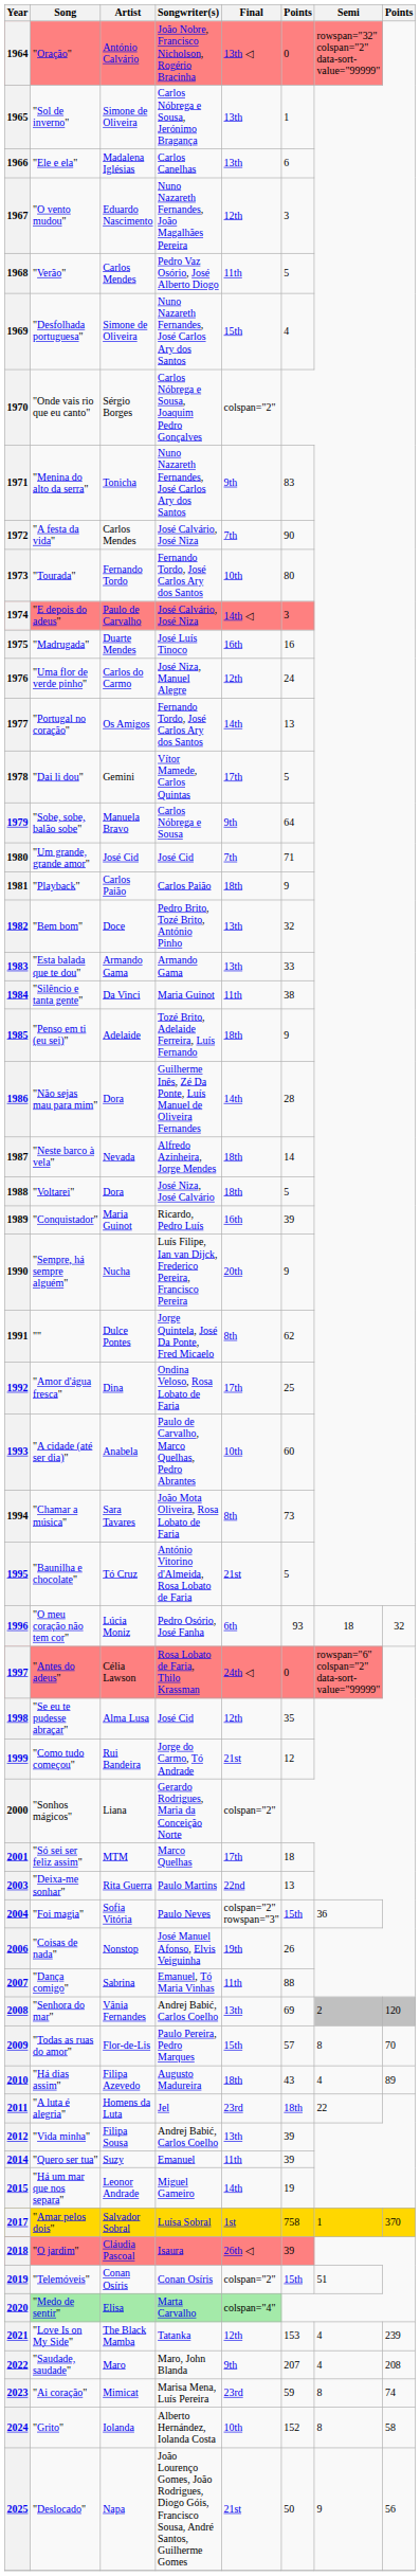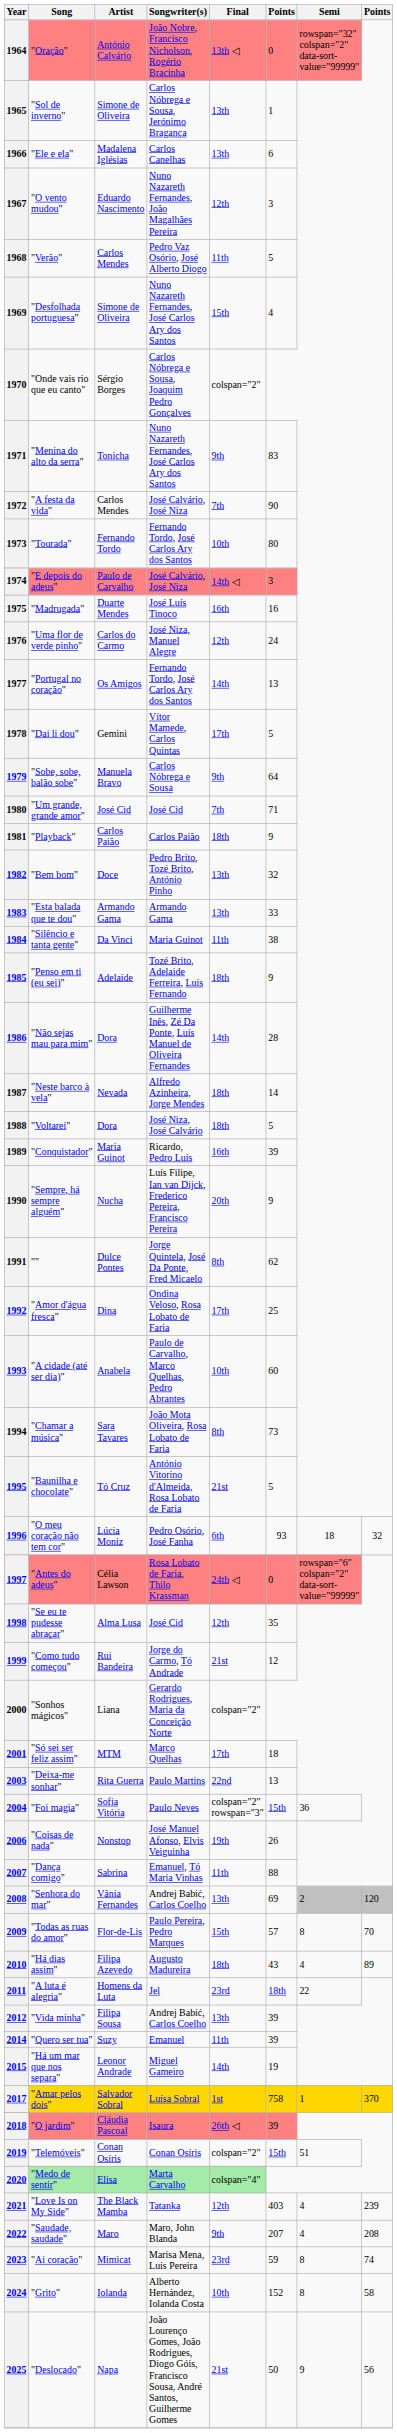 <table class="wikitable sortable">
 <tr>
 <th>Year</th>
 <th>Song</th>
 <th>Artist</th>
 <th>Songwriter(s)</th>
 <th>Final</th>
 <th>Points</th>
 <th>Semi</th>
 <th>Points</th>
 </tr>
 <tr bgcolor="#FE8080">
 <th scope="row">1964</th>
 <td>"<a href='#'>Oração</a>"</td>
 <td><a href='#'>António Calvário</a></td>
 <td><a href='#'>João Nobre</a>, <a href='#'>Francisco Nicholson</a>, <a href='#'>Rogério Bracinha</a></td>
 <td><a href='#'>13th</a> ◁</td>
 <td>0</td>
 <td>rowspan="32" colspan="2" data-sort-value="99999" </td>
 </tr>
 <tr>
 <th scope="row">1965</th>
 <td>"<a href='#'>Sol de inverno</a>"</td>
 <td><a href='#'>Simone de Oliveira</a></td>
 <td><a href='#'>Carlos Nóbrega e Sousa</a>, <a href='#'>Jerónimo Bragança</a></td>
 <td><a href='#'>13th</a></td>
 <td>1</td>
 </tr>
 <tr>
 <th scope="row">1966</th>
 <td>"<a href='#'>Ele e ela</a>"</td>
 <td><a href='#'>Madalena Iglésias</a></td>
 <td><a href='#'>Carlos Canelhas</a></td>
 <td><a href='#'>13th</a></td>
 <td>6</td>
 </tr>
 <tr>
 <th scope="row">1967</th>
 <td>"<a href='#'>O vento mudou</a>"</td>
 <td><a href='#'>Eduardo Nascimento</a></td>
 <td><a href='#'>Nuno Nazareth Fernandes</a>, <a href='#'>João Magalhães Pereira</a></td>
 <td><a href='#'>12th</a></td>
 <td>3</td>
 </tr>
 <tr>
 <th scope="row">1968</th>
 <td>"<a href='#'>Verão</a>"</td>
 <td><a href='#'>Carlos Mendes</a></td>
 <td><a href='#'>Pedro Vaz Osório</a>, <a href='#'>José Alberto Diogo</a></td>
 <td><a href='#'>11th</a></td>
 <td>5</td>
 </tr>
 <tr>
 <th scope="row">1969</th>
 <td>"<a href='#'>Desfolhada portuguesa</a>"</td>
 <td><a href='#'>Simone de Oliveira</a></td>
 <td><a href='#'>Nuno Nazareth Fernandes</a>, <a href='#'>José Carlos Ary dos Santos</a></td>
 <td><a href='#'>15th</a></td>
 <td>4</td>
 </tr>
 <tr>
 <th scope="row">1970</th>
 <td>"Onde vais rio que eu canto"</td>
 <td>Sérgio Borges</td>
 <td><a href='#'>Carlos Nóbrega e Sousa</a>, <a href='#'>Joaquim Pedro Gonçalves</a></td>
 <td>colspan="2" </td>
 </tr>
 <tr>
 <th scope="row">1971</th>
 <td>"<a href='#'>Menina do alto da serra</a>"</td>
 <td><a href='#'>Tonicha</a></td>
 <td><a href='#'>Nuno Nazareth Fernandes</a>, <a href='#'>José Carlos Ary dos Santos</a></td>
 <td><a href='#'>9th</a></td>
 <td>83</td>
 </tr>
 <tr>
 <th scope="row">1972</th>
 <td>"<a href='#'>A festa da vida</a>"</td>
 <td>Carlos Mendes</td>
 <td><a href='#'>José Calvário</a>, <a href='#'>José Niza</a></td>
 <td><a href='#'>7th</a></td>
 <td>90</td>
 </tr>
 <tr>
 <th scope="row">1973</th>
 <td>"<a href='#'>Tourada</a>"</td>
 <td><a href='#'>Fernando Tordo</a></td>
 <td><a href='#'>Fernando Tordo</a>, <a href='#'>José Carlos Ary dos Santos</a></td>
 <td><a href='#'>10th</a></td>
 <td>80</td>
 </tr>
 <tr bgcolor="#FE8080">
 <th scope="row">1974</th>
 <td>"<a href='#'>E depois do adeus</a>"</td>
 <td><a href='#'>Paulo de Carvalho</a></td>
 <td><a href='#'>José Calvário</a>, <a href='#'>José Niza</a></td>
 <td><a href='#'>14th</a> ◁</td>
 <td>3</td>
 </tr>
 <tr>
 <th scope="row">1975</th>
 <td>"<a href='#'>Madrugada</a>"</td>
 <td><a href='#'>Duarte Mendes</a></td>
 <td><a href='#'>José Luís Tinoco</a></td>
 <td><a href='#'>16th</a></td>
 <td>16</td>
 </tr>
 <tr>
 <th scope="row">1976</th>
 <td>"<a href='#'>Uma flor de verde pinho</a>"</td>
 <td><a href='#'>Carlos do Carmo</a></td>
 <td><a href='#'>José Niza</a>, <a href='#'>Manuel Alegre</a></td>
 <td><a href='#'>12th</a></td>
 <td>24</td>
 </tr>
 <tr>
 <th scope="row">1977</th>
 <td>"<a href='#'>Portugal no coração</a>"</td>
 <td><a href='#'>Os Amigos</a></td>
 <td><a href='#'>Fernando Tordo</a>, <a href='#'>José Carlos Ary dos Santos</a></td>
 <td><a href='#'>14th</a></td>
 <td>13</td>
 </tr>
 <tr>
 <th scope="row">1978</th>
 <td>"<a href='#'>Dai li dou</a>"</td>
 <td>Gemini</td>
 <td><a href='#'>Vítor Mamede</a>, <a href='#'>Carlos Quintas</a></td>
 <td><a href='#'>17th</a></td>
 <td>5</td>
 </tr>
 <tr>
 <th scope="row"><a href='#'>1979</a></th>
 <td>"<a href='#'>Sobe, sobe, balão sobe</a>"</td>
 <td><a href='#'>Manuela Bravo</a></td>
 <td><a href='#'>Carlos Nóbrega e Sousa</a></td>
 <td><a href='#'>9th</a></td>
 <td>64</td>
 </tr>
 <tr>
 <th scope="row">1980</th>
 <td>"<a href='#'>Um grande, grande amor</a>"</td>
 <td><a href='#'>José Cid</a></td>
 <td><a href='#'>José Cid</a></td>
 <td><a href='#'>7th</a></td>
 <td>71</td>
 </tr>
 <tr>
 <th scope="row">1981</th>
 <td>"<a href='#'>Playback</a>"</td>
 <td><a href='#'>Carlos Paião</a></td>
 <td><a href='#'>Carlos Paião</a></td>
 <td><a href='#'>18th</a></td>
 <td>9</td>
 </tr>
 <tr>
 <th scope="row"><a href='#'>1982</a></th>
 <td>"<a href='#'>Bem bom</a>"</td>
 <td><a href='#'>Doce</a></td>
 <td><a href='#'>Pedro Brito</a>, <a href='#'>Tozé Brito</a>, <a href='#'>António Pinho</a></td>
 <td><a href='#'>13th</a></td>
 <td>32</td>
 </tr>
 <tr>
 <th scope="row"><a href='#'>1983</a></th>
 <td>"<a href='#'>Esta balada que te dou</a>"</td>
 <td><a href='#'>Armando Gama</a></td>
 <td><a href='#'>Armando Gama</a></td>
 <td><a href='#'>13th</a></td>
 <td>33</td>
 </tr>
 <tr>
 <th scope="row"><a href='#'>1984</a></th>
 <td>"<a href='#'>Silêncio e tanta gente</a>"</td>
 <td><a href='#'>Da Vinci</a></td>
 <td><a href='#'>Maria Guinot</a></td>
 <td><a href='#'>11th</a></td>
 <td>38</td>
 </tr>
 <tr>
 <th scope="row"><a href='#'>1985</a></th>
 <td>"<a href='#'>Penso em ti (eu sei)</a>"</td>
 <td><a href='#'>Adelaide</a></td>
 <td><a href='#'>Tozé Brito</a>, <a href='#'>Adelaide Ferreira</a>, <a href='#'>Luís Fernando</a></td>
 <td><a href='#'>18th</a></td>
 <td>9</td>
 </tr>
 <tr>
 <th scope="row"><a href='#'>1986</a></th>
 <td>"<a href='#'>Não sejas mau para mim</a>"</td>
 <td><a href='#'>Dora</a></td>
 <td><a href='#'>Guilherme Inês</a>, <a href='#'>Zé Da Ponte</a>, <a href='#'>Luís Manuel de Oliveira Fernandes</a></td>
 <td><a href='#'>14th</a></td>
 <td>28</td>
 </tr>
 <tr>
 <th scope="row">1987</th>
 <td>"<a href='#'>Neste barco à vela</a>"</td>
 <td><a href='#'>Nevada</a></td>
 <td><a href='#'>Alfredo Azinheira</a>, <a href='#'>Jorge Mendes</a></td>
 <td><a href='#'>18th</a></td>
 <td>14</td>
 </tr>
 <tr>
 <th scope="row">1988</th>
 <td>"<a href='#'>Voltarei</a>"</td>
 <td><a href='#'>Dora</a></td>
 <td><a href='#'>José Niza</a>, <a href='#'>José Calvário</a></td>
 <td><a href='#'>18th</a></td>
 <td>5</td>
 </tr>
 <tr>
 <th scope="row">1989</th>
 <td>"<a href='#'>Conquistador</a>"</td>
 <td><a href='#'>Maria Guinot</a></td>
 <td>Ricardo, <a href='#'>Pedro Luís</a></td>
 <td><a href='#'>16th</a></td>
 <td>39</td>
 </tr>
 <tr>
 <th scope="row">1990</th>
 <td>"<a href='#'>Sempre, há sempre alguém</a>"</td>
 <td><a href='#'>Nucha</a></td>
 <td>Luís Filipe, <a href='#'>Ian van Dijck</a>, <a href='#'>Frederico Pereira</a>, <a href='#'>Francisco Pereira</a></td>
 <td><a href='#'>20th</a></td>
 <td>9</td>
 </tr>
 <tr>
 <th scope="row">1991</th>
 <td>""</td>
 <td><a href='#'>Dulce Pontes</a></td>
 <td><a href='#'>Jorge Quintela</a>, <a href='#'>José Da Ponte</a>, <a href='#'>Fred Micaelo</a></td>
 <td><a href='#'>8th</a></td>
 <td>62</td>
 </tr>
 <tr>
 <th scope="row"><a href='#'>1992</a></th>
 <td>"<a href='#'>Amor d'água fresca</a>"</td>
 <td><a href='#'>Dina</a></td>
 <td><a href='#'>Ondina Veloso</a>, <a href='#'>Rosa Lobato de Faria</a></td>
 <td><a href='#'>17th</a></td>
 <td>25</td>
 </tr>
 <tr>
 <th scope="row"><a href='#'>1993</a></th>
 <td>"<a href='#'>A cidade (até ser dia)</a>"</td>
 <td><a href='#'>Anabela</a></td>
 <td><a href='#'>Paulo de Carvalho</a>, <a href='#'>Marco Quelhas</a>, <a href='#'>Pedro Abrantes</a></td>
 <td><a href='#'>10th</a></td>
 <td>60</td>
 </tr>
 <tr>
 <th scope="row">1994</th>
 <td>"<a href='#'>Chamar a música</a>"</td>
 <td><a href='#'>Sara Tavares</a></td>
 <td><a href='#'>João Mota Oliveira</a>, <a href='#'>Rosa Lobato de Faria</a></td>
 <td><a href='#'>8th</a></td>
 <td>73</td>
 </tr>
 <tr>
 <th scope="row"><a href='#'>1995</a></th>
 <td>"<a href='#'>Baunilha e chocolate</a>"</td>
 <td><a href='#'>Tó Cruz</a></td>
 <td><a href='#'>António Vitorino d'Almeida</a>, <a href='#'>Rosa Lobato de Faria</a></td>
 <td><a href='#'>21st</a></td>
 <td>5</td>
 </tr>
 <tr>
 <th scope="row"><a href='#'>1996</a></th>
 <td>"<a href='#'>O meu coração não tem cor</a>"</td>
 <td><a href='#'>Lúcia Moniz</a></td>
 <td><a href='#'>Pedro Osório</a>, <a href='#'>José Fanha</a></td>
 <td><a href='#'>6th</a></td>
 <td align=center>93</td>
 <td align=center>18</td>
 <td align=center>32</td>
 </tr>
 <tr bgcolor="#FE8080">
 <th scope="row"><a href='#'>1997</a></th>
 <td>"<a href='#'>Antes do adeus</a>"</td>
 <td>Célia Lawson</td>
 <td><a href='#'>Rosa Lobato de Faria</a>, <a href='#'>Thilo Krassman</a></td>
 <td><a href='#'>24th</a> ◁</td>
 <td>0</td>
 <td>rowspan="6" colspan="2" data-sort-value="99999" </td>
 </tr>
 <tr>
 <th scope="row"><a href='#'>1998</a></th>
 <td>"<a href='#'>Se eu te pudesse abraçar</a>"</td>
 <td><a href='#'>Alma Lusa</a></td>
 <td><a href='#'>José Cid</a></td>
 <td><a href='#'>12th</a></td>
 <td>35</td>
 </tr>
 <tr>
 <th scope="row"><a href='#'>1999</a></th>
 <td>"<a href='#'>Como tudo começou</a>"</td>
 <td><a href='#'>Rui Bandeira</a></td>
 <td><a href='#'>Jorge do Carmo</a>, <a href='#'>Tó Andrade</a></td>
 <td><a href='#'>21st</a></td>
 <td>12</td>
 </tr>
 <tr>
 <th scope="row">2000</th>
 <td>"Sonhos mágicos"</td>
 <td>Liana</td>
 <td><a href='#'>Gerardo Rodrigues</a>, <a href='#'>Maria da Conceição Norte</a></td>
 <td>colspan="2" </td>
 </tr>
 <tr>
 <th scope="row"><a href='#'>2001</a></th>
 <td>"<a href='#'>Só sei ser feliz assim</a>"</td>
 <td><a href='#'>MTM</a></td>
 <td><a href='#'>Marco Quelhas</a></td>
 <td><a href='#'>17th</a></td>
 <td>18</td>
 </tr>
 <tr>
 <th scope="row"><a href='#'>2003</a></th>
 <td>"<a href='#'>Deixa-me sonhar</a>"</td>
 <td><a href='#'>Rita Guerra</a></td>
 <td><a href='#'>Paulo Martins</a></td>
 <td><a href='#'>22nd</a></td>
 <td>13</td>
 </tr>
 <tr>
 <th scope="row"><a href='#'>2004</a></th>
 <td>"<a href='#'>Foi magia</a>"</td>
 <td><a href='#'>Sofia Vitória</a></td>
 <td><a href='#'>Paulo Neves</a></td>
 <td>colspan="2" rowspan="3" </td>
 <td><a href='#'>15th</a></td>
 <td>36</td>
 </tr>
 <tr>
 <th scope="row"><a href='#'>2006</a></th>
 <td>"<a href='#'>Coisas de nada</a>"</td>
 <td><a href='#'>Nonstop</a></td>
 <td><a href='#'>José Manuel Afonso</a>, <a href='#'>Elvis Veiguinha</a></td>
 <td><a href='#'>19th</a></td>
 <td>26</td>
 </tr>
 <tr>
 <th scope="row"><a href='#'>2007</a></th>
 <td>"<a href='#'>Dança comigo</a>"</td>
 <td><a href='#'>Sabrina</a></td>
 <td><a href='#'>Emanuel</a>, <a href='#'>Tó Maria Vinhas</a></td>
 <td><a href='#'>11th</a></td>
 <td>88</td>
 </tr>
 <tr>
 <th scope="row"><a href='#'>2008</a></th>
 <td>"<a href='#'>Senhora do mar</a>"</td>
 <td><a href='#'>Vânia Fernandes</a></td>
 <td>Andrej Babić, <a href='#'>Carlos Coelho</a></td>
 <td><a href='#'>13th</a></td>
 <td>69</td>
 <td bgcolor="silver">2</td>
 <td bgcolor="silver">120</td>
 </tr>
 <tr>
 <th scope="row"><a href='#'>2009</a></th>
 <td>"<a href='#'>Todas as ruas do amor</a>"</td>
 <td><a href='#'>Flor-de-Lis</a></td>
 <td><a href='#'>Paulo Pereira</a>, <a href='#'>Pedro Marques</a></td>
 <td><a href='#'>15th</a></td>
 <td>57</td>
 <td>8</td>
 <td>70</td>
 </tr>
 <tr>
 <th scope="row"><a href='#'>2010</a></th>
 <td>"<a href='#'>Há dias assim</a>"</td>
 <td><a href='#'>Filipa Azevedo</a></td>
 <td><a href='#'>Augusto Madureira</a></td>
 <td><a href='#'>18th</a></td>
 <td>43</td>
 <td>4</td>
 <td>89</td>
 </tr>
 <tr>
 <th scope="row"><a href='#'>2011</a></th>
 <td>"<a href='#'>A luta é alegria</a>"</td>
 <td><a href='#'>Homens da Luta</a></td>
 <td><a href='#'>Jel</a></td>
 <td><a href='#'>23rd</a></td>
 <td><a href='#'>18th</a></td>
 <td>22</td>
 </tr>
 <tr>
 <th scope="row"><a href='#'>2012</a></th>
 <td>"<a href='#'>Vida minha</a>"</td>
 <td><a href='#'>Filipa Sousa</a></td>
 <td>Andrej Babić, <a href='#'>Carlos Coelho</a></td>
 <td><a href='#'>13th</a></td>
 <td>39</td>
 </tr>
 <tr>
 <th scope="row"><a href='#'>2014</a></th>
 <td>"<a href='#'>Quero ser tua</a>"</td>
 <td><a href='#'>Suzy</a></td>
 <td><a href='#'>Emanuel</a></td>
 <td><a href='#'>11th</a></td>
 <td>39</td>
 </tr>
 <tr>
 <th scope="row"><a href='#'>2015</a></th>
 <td>"<a href='#'>Há um mar que nos separa</a>"</td>
 <td><a href='#'>Leonor Andrade</a></td>
 <td><a href='#'>Miguel Gameiro</a></td>
 <td><a href='#'>14th</a></td>
 <td>19</td>
 </tr>
 <tr bgcolor="gold">
 <th scope="row"><a href='#'>2017</a></th>
 <td>"<a href='#'>Amar pelos dois</a>"</td>
 <td><a href='#'>Salvador Sobral</a></td>
 <td><a href='#'>Luísa Sobral</a></td>
 <td><a href='#'>1st</a></td>
 <td>758</td>
 <td>1</td>
 <td>370</td>
 </tr>
 <tr bgcolor="#FE8080">
 <th scope="row"><a href='#'>2018</a></th>
 <td>"<a href='#'>O jardim</a>"</td>
 <td><a href='#'>Cláudia Pascoal</a></td>
 <td><a href='#'>Isaura</a></td>
 <td><a href='#'>26th</a> ◁</td>
 <td>39</td>
 </tr>
 <tr>
 <th scope="row"><a href='#'>2019</a></th>
 <td>"<a href='#'>Telemóveis</a>"</td>
 <td><a href='#'>Conan Osíris</a></td>
 <td><a href='#'>Conan Osíris</a></td>
 <td>colspan="2" </td>
 <td><a href='#'>15th</a></td>
 <td>51</td>
 </tr>
 <tr bgcolor="A4EAA9">
 <th scope="row"><a href='#'>2020</a></th>
 <td>"<a href='#'>Medo de sentir</a>"</td>
 <td><a href='#'>Elisa</a></td>
 <td><a href='#'>Marta Carvalho</a></td>
 <td>colspan="4" </td>
 </tr>
 <tr>
 <th scope="row"><a href='#'>2021</a></th>
 <td>"<a href='#'>Love Is on My Side</a>"</td>
 <td><a href='#'>The Black Mamba</a></td>
 <td><a href='#'>Tatanka</a></td>
 <td><a href='#'>12th</a></td>
-<td>153</td>
+<td>403</td>
 <td>4</td>
 <td>239</td>
 </tr>
 <tr>
 <th scope="row"><a href='#'>2022</a></th>
 <td>"<a href='#'>Saudade, saudade</a>"</td>
 <td><a href='#'>Maro</a></td>
 <td>Maro, John Blanda</td>
 <td><a href='#'>9th</a></td>
 <td>207</td>
 <td>4</td>
 <td>208</td>
 </tr>
 <tr>
 <th scope="row"><a href='#'>2023</a></th>
 <td>"<a href='#'>Ai coração</a>"</td>
 <td><a href='#'>Mimicat</a></td>
 <td>Marisa Mena, Luís Pereira</td>
 <td><a href='#'>23rd</a></td>
 <td>59</td>
 <td>8</td>
 <td>74</td>
 </tr>
 <tr>
 <th scope="row"><a href='#'>2024</a></th>
 <td>"<a href='#'>Grito</a>"</td>
 <td><a href='#'>Iolanda</a></td>
 <td>Alberto Hernández, Iolanda Costa</td>
 <td><a href='#'>10th</a></td>
 <td>152</td>
 <td>8</td>
 <td>58</td>
 </tr>
 <tr>
 <th scope="row"><a href='#'>2025</a></th>
 <td>"<a href='#'>Deslocado</a>"</td>
 <td><a href='#'>Napa</a></td>
 <td>João Lourenço Gomes, João Rodrigues, Diogo Góis, Francisco Sousa, André Santos, Guilherme Gomes</td>
 <td><a href='#'>21st</a></td>
 <td>50</td>
 <td>9</td>
 <td>56</td>
 </tr>
 <tr>
 </tr>
 </table>
